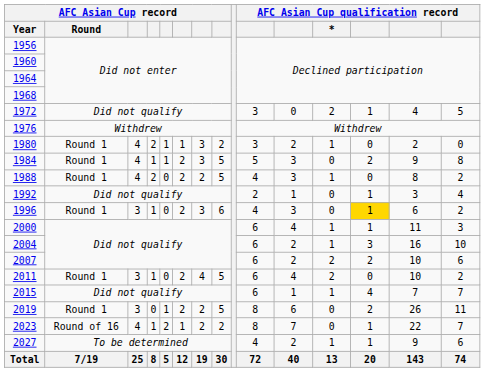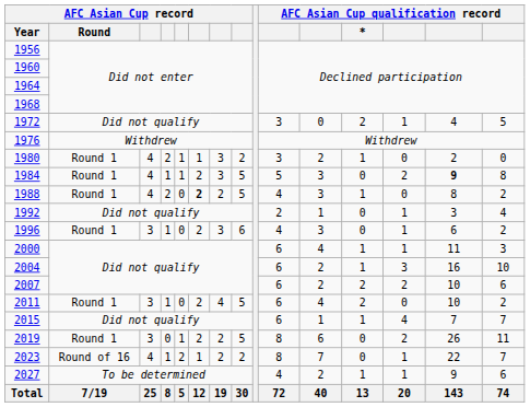 <table class="wikitable" style="text-align: center;font-size:90%;">
 <tr>
 <th colspan=8><a href='#'>AFC Asian Cup</a> record</th>
 <th style="width:1%;" rowspan="22"></th>
 <th colspan=6><a href='#'>AFC Asian Cup qualification</a> record</th>
 </tr>
 <tr>
 <th>Year</th>
 <th>Round</th>
 <th></th>
 <th></th>
 <th></th>
 <th></th>
 <th></th>
 <th></th>
 <th></th>
 <th></th>
 <th>*</th>
 <th></th>
 <th></th>
 <th></th>
 </tr>
 <tr>
 <td> <a href='#'>1956</a></td>
 <td rowspan=4 colspan=7><em>Did not enter</em></td>
 <td rowspan=4 colspan=6><em>Declined participation</em></td>
 </tr>
 <tr>
 <td> <a href='#'>1960</a></td>
 </tr>
 <tr>
 <td> <a href='#'>1964</a></td>
 </tr>
 <tr>
 <td> <a href='#'>1968</a></td>
 </tr>
 <tr>
 <td> <a href='#'>1972</a></td>
 <td colspan=7><em>Did not qualify</em></td>
 <td>3</td>
 <td>0</td>
 <td>2</td>
 <td>1</td>
 <td>4</td>
 <td>5</td>
 </tr>
 <tr>
 <td> <a href='#'>1976</a></td>
 <td colspan=7><em>Withdrew</em></td>
 <td colspan=6><em>Withdrew</em></td>
 </tr>
 <tr>
 <td> <a href='#'>1980</a></td>
 <td>Round 1</td>
 <td>4</td>
 <td>2</td>
 <td>1</td>
 <td>1</td>
 <td>3</td>
 <td>2</td>
 <td>3</td>
 <td>2</td>
 <td>1</td>
 <td>0</td>
 <td>2</td>
 <td>0</td>
 </tr>
 <tr>
 <td> <a href='#'>1984</a></td>
 <td>Round 1</td>
 <td>4</td>
 <td>1</td>
 <td>1</td>
 <td>2</td>
 <td>3</td>
 <td>5</td>
 <td>5</td>
 <td>3</td>
 <td>0</td>
 <td>2</td>
-<td>9</td>
+<td><strong>9</strong></td>
 <td>8</td>
 </tr>
 <tr>
 <td> <a href='#'>1988</a></td>
 <td>Round 1</td>
 <td>4</td>
 <td>2</td>
 <td>0</td>
-<td>2</td>
+<td><strong>2</strong></td>
 <td>2</td>
 <td>5</td>
 <td>4</td>
 <td>3</td>
 <td>1</td>
 <td>0</td>
 <td>8</td>
 <td>2</td>
 </tr>
 <tr>
 <td> <a href='#'>1992</a></td>
 <td colspan=7><em>Did not qualify</em></td>
 <td>2</td>
 <td>1</td>
 <td>0</td>
 <td>1</td>
 <td>3</td>
 <td>4</td>
 </tr>
 <tr>
 <td> <a href='#'>1996</a></td>
 <td>Round 1</td>
 <td>3</td>
 <td>1</td>
 <td>0</td>
 <td>2</td>
 <td>3</td>
 <td>6</td>
 <td>4</td>
 <td>3</td>
 <td>0</td>
-<td style="background: gold;">1</td>
+<td>1</td>
 <td>6</td>
 <td>2</td>
 </tr>
 <tr>
 <td> <a href='#'>2000</a></td>
 <td rowspan=3 colspan=7><em>Did not qualify</em></td>
 <td>6</td>
 <td>4</td>
 <td>1</td>
 <td>1</td>
 <td>11</td>
 <td>3</td>
 </tr>
 <tr>
 <td> <a href='#'>2004</a></td>
 <td>6</td>
 <td>2</td>
 <td>1</td>
 <td>3</td>
 <td>16</td>
 <td>10</td>
 </tr>
 <tr>
 <td>    <a href='#'>2007</a></td>
 <td>6</td>
 <td>2</td>
 <td>2</td>
 <td>2</td>
 <td>10</td>
 <td>6</td>
 </tr>
 <tr>
 <td> <a href='#'>2011</a></td>
 <td>Round 1</td>
 <td>3</td>
 <td>1</td>
 <td>0</td>
 <td>2</td>
 <td>4</td>
 <td>5</td>
 <td>6</td>
 <td>4</td>
 <td>2</td>
 <td>0</td>
 <td>10</td>
 <td>2</td>
 </tr>
 <tr>
 <td> <a href='#'>2015</a></td>
 <td colspan=7><em>Did not qualify</em></td>
 <td>6</td>
 <td>1</td>
 <td>1</td>
 <td>4</td>
 <td>7</td>
 <td>7</td>
 </tr>
 <tr>
 <td> <a href='#'>2019</a></td>
 <td>Round 1</td>
 <td>3</td>
 <td>0</td>
 <td>1</td>
 <td>2</td>
 <td>2</td>
 <td>5</td>
 <td>8</td>
 <td>6</td>
 <td>0</td>
 <td>2</td>
 <td>26</td>
 <td>11</td>
 </tr>
 <tr>
 <td> <a href='#'>2023</a></td>
 <td>Round of 16</td>
 <td>4</td>
 <td>1</td>
 <td>2</td>
 <td>1</td>
 <td>2</td>
 <td>2</td>
 <td>8</td>
 <td>7</td>
 <td>0</td>
 <td>1</td>
 <td>22</td>
 <td>7</td>
 </tr>
 <tr>
 <td> <a href='#'>2027</a></td>
 <td colspan=8><em>To be determined</em></td>
 <td>4</td>
 <td>2</td>
 <td>1</td>
 <td>1</td>
 <td>9</td>
 <td>6</td>
 </tr>
 <tr>
 <th><strong>Total</strong></th>
 <th>7/19</th>
 <th>25</th>
 <th>8</th>
 <th>5</th>
 <th>12</th>
 <th>19</th>
 <th>30</th>
 <th>72</th>
 <th>40</th>
 <th>13</th>
 <th>20</th>
 <th>143</th>
 <th>74</th>
 </tr>
 </table>
